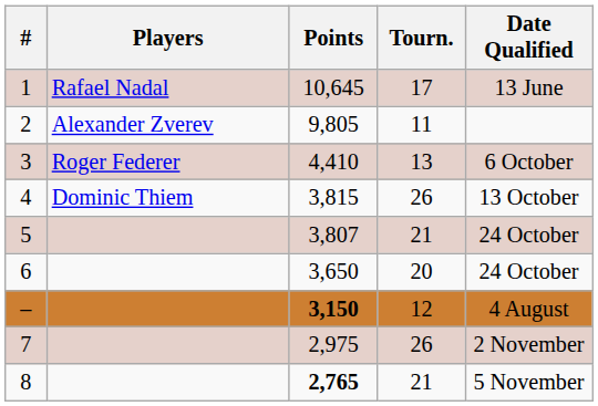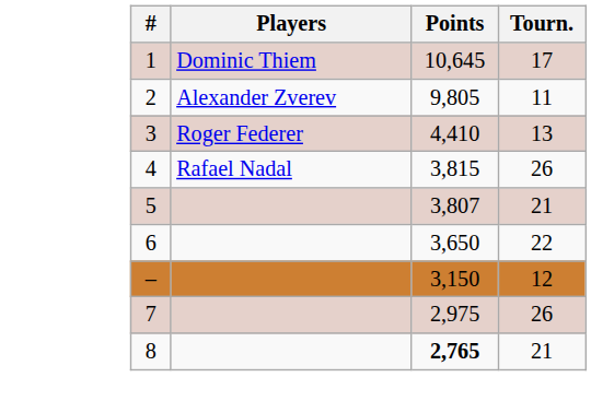 <table class="sortable wikitable" align=right style=text-align:center;font-size:90%;text:justify>
 <tr>
 <th width=20>#</th>
 <th width=150>Players</th>
 <th width=50>Points</th>
 <th width=50>Tourn.</th>
-<th width=75>Date Qualified</th>
 </tr>
 <tr align=center bgcolor=#e5d1cb>
 <td>1</td>
-<td align=left> <a href='#'>Rafael Nadal</a></td>
+<td align=left> <a href='#'>Dominic Thiem</a></td>
 <td>10,645</td>
 <td>17</td>
-<td>13 June</td>
 </tr>
 <tr>
 <td>2</td>
 <td align=left> <a href='#'>Alexander Zverev</a></td>
 <td>9,805</td>
 <td>11</td>
-<td></td>
 </tr>
 <tr align=center bgcolor=#e5d1cb>
 <td>3</td>
 <td align=left> <a href='#'>Roger Federer</a></td>
 <td>4,410</td>
 <td>13</td>
-<td>6 October</td>
 </tr>
 <tr>
 <td>4</td>
-<td align=left> <a href='#'>Dominic Thiem</a></td>
+<td align=left> <a href='#'>Rafael Nadal</a></td>
 <td>3,815</td>
 <td>26</td>
-<td>13 October</td>
 </tr>
 <tr align=center bgcolor=#e5d1cb>
 <td>5</td>
 <td align=left></td>
 <td>3,807</td>
 <td>21</td>
-<td>24 October</td>
 </tr>
 <tr>
 <td>6</td>
 <td align=left></td>
 <td>3,650</td>
-<td>20</td>
-<td>24 October</td>
+<td>22</td>
 </tr>
 <tr align=center bgcolor=#cd7f32>
 <td>–</td>
 <td align=left></td>
-<td><strong>3,150</strong></td>
+<td>3,150</td>
 <td>12</td>
-<td>4 August</td>
 </tr>
 <tr align=center bgcolor=#e5d1cb>
 <td>7</td>
 <td align=left></td>
 <td>2,975</td>
 <td>26</td>
-<td>2 November</td>
 </tr>
 <tr>
 <td>8</td>
 <td align=left></td>
 <td><strong>2,765</strong></td>
 <td>21</td>
-<td>5 November</td>
 </tr>
 </table>
